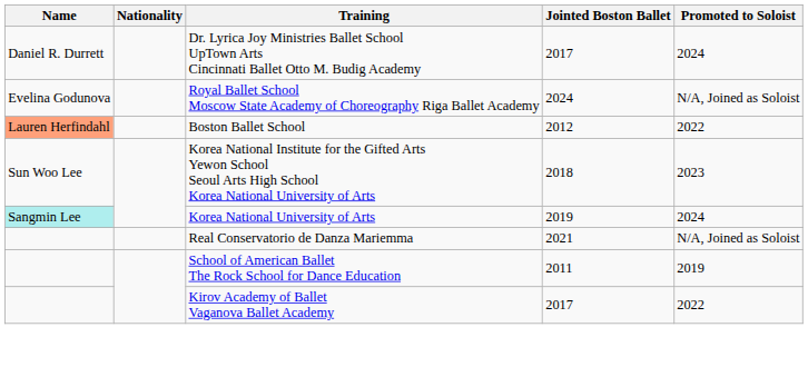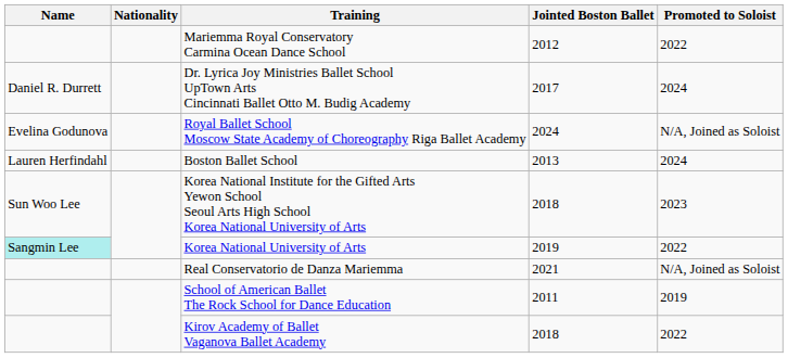 <table class="wikitable sortable mw-collapsible">
 <tr>
 <th>Name</th>
 <th>Nationality</th>
 <th>Training</th>
 <th>Jointed Boston Ballet</th>
 <th>Promoted to Soloist</th>
+</tr>
+<tr>
+<td></td>
+<td></td>
+<td>Mariemma Royal Conservatory<br>Carmina Ocean Dance School</td>
+<td>2012</td>
+<td>2022</td>
 </tr>
 <tr>
 <td>Daniel R. Durrett</td>
 <td></td>
 <td>Dr. Lyrica Joy Ministries Ballet School<br>UpTown Arts<br>Cincinnati Ballet Otto M. Budig Academy</td>
 <td>2017</td>
 <td>2024</td>
 </tr>
 <tr>
 <td>Evelina Godunova</td>
 <td></td>
 <td><a href='#'>Royal Ballet School</a><br><a href='#'>Moscow State Academy of Choreography</a> Riga Ballet Academy</td>
 <td>2024</td>
 <td>N/A, Joined as Soloist</td>
 </tr>
 <tr>
-<td style="background: lightsalmon;">Lauren Herfindahl</td>
+<td>Lauren Herfindahl</td>
 <td></td>
 <td>Boston Ballet School</td>
-<td>2012</td>
-<td>2022</td>
+<td>2013</td>
+<td>2024</td>
 </tr>
 <tr>
 <td>Sun Woo Lee</td>
 <td rowspan="2"></td>
 <td>Korea National Institute for the Gifted Arts<br>Yewon School<br>Seoul Arts High School<br><a href='#'>Korea National University of Arts</a></td>
 <td>2018</td>
 <td>2023</td>
 </tr>
 <tr>
 <td style="background: paleturquoise;">Sangmin Lee</td>
 <td><a href='#'>Korea National University of Arts</a></td>
 <td>2019</td>
-<td>2024</td>
+<td>2022</td>
 </tr>
 <tr>
 <td></td>
 <td></td>
 <td>Real Conservatorio de Danza Mariemma</td>
 <td>2021</td>
 <td>N/A, Joined as Soloist</td>
 </tr>
 <tr>
 <td></td>
 <td rowspan="2"></td>
 <td><a href='#'>School of American Ballet</a><br><a href='#'>The Rock School for Dance Education</a></td>
 <td>2011</td>
 <td>2019</td>
 </tr>
 <tr>
 <td></td>
 <td><a href='#'>Kirov Academy of Ballet</a><br><a href='#'>Vaganova Ballet Academy</a></td>
-<td>2017</td>
+<td>2018</td>
 <td>2022</td>
 </tr>
 </table>
